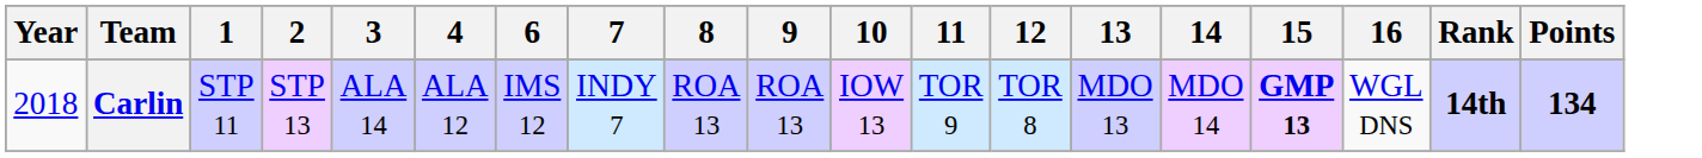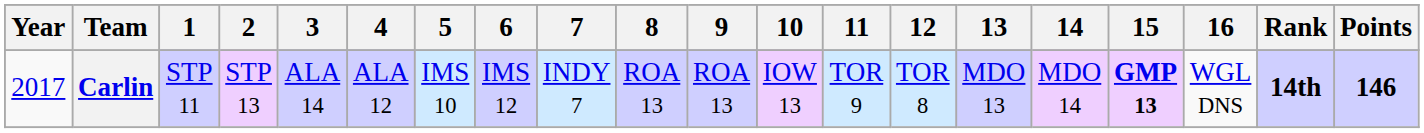 <table class="wikitable" style="text-align:center; font-size:90%">
 <tr>
 <th>Year</th>
 <th>Team</th>
 <th>1</th>
 <th>2</th>
 <th>3</th>
 <th>4</th>
+<th>5</th>
 <th>6</th>
 <th>7</th>
 <th>8</th>
 <th>9</th>
 <th>10</th>
 <th>11</th>
 <th>12</th>
 <th>13</th>
 <th>14</th>
 <th>15</th>
 <th>16</th>
 <th>Rank</th>
 <th>Points</th>
 </tr>
 <tr>
-<td><a href='#'>2018</a></td>
+<td><a href='#'>2017</a></td>
 <th><a href='#'>Carlin</a></th>
 <td style="background:#CFCFFF;"><a href='#'>STP</a><br><small>11</small></td>
 <td style="background:#EFCFFF;"><a href='#'>STP</a><br><small>13</small></td>
 <td style="background:#CFCFFF;"><a href='#'>ALA</a><br><small>14</small></td>
 <td style="background:#CFCFFF;"><a href='#'>ALA</a><br><small>12</small></td>
+<td style="background:#CFEAFF;"><a href='#'>IMS</a><br><small>10</small></td>
 <td style="background:#CFCFFF;"><a href='#'>IMS</a><br><small>12</small></td>
 <td style="background:#CFEAFF;"><a href='#'>INDY</a><br><small>7</small></td>
 <td style="background:#CFCFFF;"><a href='#'>ROA</a><br><small>13</small></td>
 <td style="background:#CFCFFF;"><a href='#'>ROA</a><br><small>13</small></td>
 <td style="background:#EFCFFF;"><a href='#'>IOW</a><br><small>13</small></td>
 <td style="background:#CFEAFF;"><a href='#'>TOR</a><br><small>9</small></td>
 <td style="background:#CFEAFF;"><a href='#'>TOR</a><br><small>8</small></td>
 <td style="background:#CFCFFF;"><a href='#'>MDO</a><br><small>13</small></td>
 <td style="background:#EFCFFF;"><a href='#'>MDO</a><br><small>14</small></td>
 <td style="background:#EFCFFF;"><strong><a href='#'>GMP</a><br><small>13</small></strong></td>
 <td style="background"><a href='#'>WGL</a><br><small>DNS</small></td>
 <th style="background:#CFCFFF;">14th</th>
-<th style="background:#CFCFFF;">134</th>
+<th style="background:#CFCFFF;">146</th>
 </tr>
 </table>
